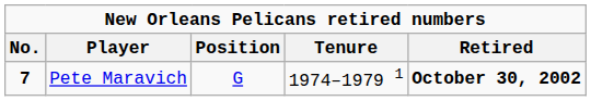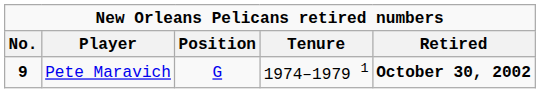 <table class="wikitable" style="text-align:center">
 <tr>
 <td colspan="5"><strong>New Orleans Pelicans retired numbers</strong></td>
 </tr>
 <tr>
 <th>No.</th>
 <th>Player</th>
 <th>Position</th>
 <th>Tenure</th>
 <th>Retired</th>
 </tr>
 <tr>
-<td><strong>7</strong></td>
+<td><strong>9</strong></td>
 <td><a href='#'>Pete Maravich</a></td>
 <td><a href='#'>G</a></td>
 <td>1974–1979 <sup>1</sup></td>
 <td><strong>October 30, 2002</strong></td>
 </tr>
 </table>
